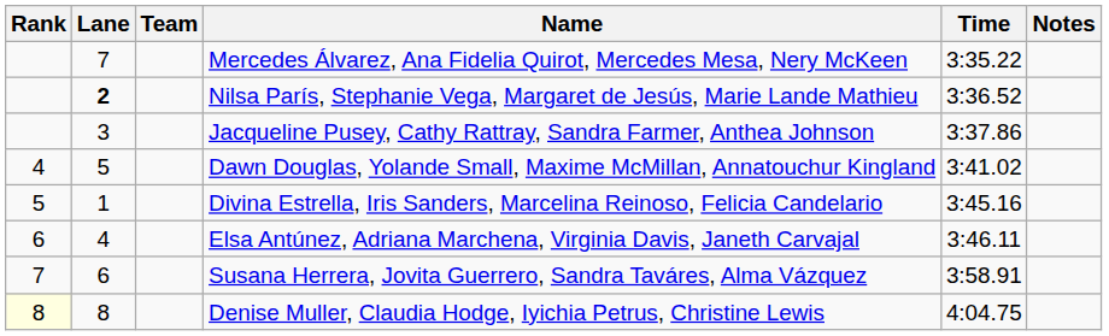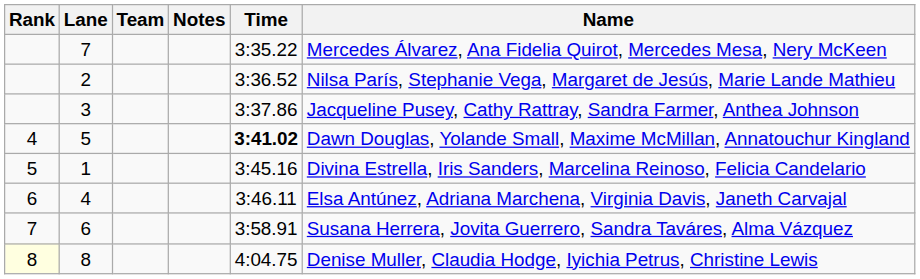 <table class="wikitable sortable" style="text-align:center;font-size:95%">
 <tr>
 <th>Rank</th>
 <th>Lane</th>
 <th>Team</th>
+<th>Notes</th>
+<th>Time</th>
 <th>Name</th>
-<th>Time</th>
-<th>Notes</th>
 </tr>
 <tr>
 <td></td>
 <td>7</td>
 <td align=left></td>
+<td></td>
+<td>3:35.22</td>
 <td align=left><a href='#'>Mercedes Álvarez</a>, <a href='#'>Ana Fidelia Quirot</a>, <a href='#'>Mercedes Mesa</a>, <a href='#'>Nery McKeen</a></td>
-<td>3:35.22</td>
-<td></td>
 </tr>
 <tr>
 <td></td>
-<td><strong>2</strong></td>
+<td>2</td>
 <td align=left></td>
+<td></td>
+<td>3:36.52</td>
 <td align=left><a href='#'>Nilsa París</a>, <a href='#'>Stephanie Vega</a>, <a href='#'>Margaret de Jesús</a>, <a href='#'>Marie Lande Mathieu</a></td>
-<td>3:36.52</td>
-<td></td>
 </tr>
 <tr>
 <td></td>
 <td>3</td>
 <td align=left></td>
+<td></td>
+<td>3:37.86</td>
 <td align=left><a href='#'>Jacqueline Pusey</a>, <a href='#'>Cathy Rattray</a>, <a href='#'>Sandra Farmer</a>, <a href='#'>Anthea Johnson</a></td>
-<td>3:37.86</td>
-<td></td>
 </tr>
 <tr>
 <td>4</td>
 <td>5</td>
 <td align=left></td>
+<td></td>
+<td><strong>3:41.02</strong></td>
 <td align=left><a href='#'>Dawn Douglas</a>, <a href='#'>Yolande Small</a>, <a href='#'>Maxime McMillan</a>, <a href='#'>Annatouchur Kingland</a></td>
-<td>3:41.02</td>
-<td></td>
 </tr>
 <tr>
 <td>5</td>
 <td>1</td>
 <td align=left></td>
+<td></td>
+<td>3:45.16</td>
 <td align=left><a href='#'>Divina Estrella</a>, <a href='#'>Iris Sanders</a>, <a href='#'>Marcelina Reinoso</a>, <a href='#'>Felicia Candelario</a></td>
-<td>3:45.16</td>
-<td></td>
 </tr>
 <tr>
 <td>6</td>
 <td>4</td>
 <td align=left></td>
+<td></td>
+<td>3:46.11</td>
 <td align=left><a href='#'>Elsa Antúnez</a>, <a href='#'>Adriana Marchena</a>, <a href='#'>Virginia Davis</a>, <a href='#'>Janeth Carvajal</a></td>
-<td>3:46.11</td>
-<td></td>
 </tr>
 <tr>
 <td>7</td>
 <td>6</td>
 <td align=left></td>
+<td></td>
+<td>3:58.91</td>
 <td align=left><a href='#'>Susana Herrera</a>, <a href='#'>Jovita Guerrero</a>, <a href='#'>Sandra Taváres</a>, <a href='#'>Alma Vázquez</a></td>
-<td>3:58.91</td>
-<td></td>
 </tr>
 <tr>
 <td style="background: lightyellow;">8</td>
 <td>8</td>
 <td align=left></td>
+<td></td>
+<td>4:04.75</td>
 <td align=left><a href='#'>Denise Muller</a>, <a href='#'>Claudia Hodge</a>, <a href='#'>Iyichia Petrus</a>, <a href='#'>Christine Lewis</a></td>
-<td>4:04.75</td>
-<td></td>
 </tr>
 </table>
